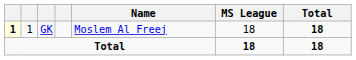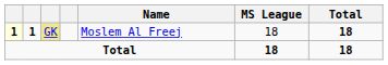 <table class="wikitable" style="text-align:center">
 <tr>
 <th width=15></th>
 <th width=15></th>
 <th width=15></th>
 <th width=15></th>
 <th width=175>Name</th>
 <th width=80>MS League</th>
 <th width=80>Total</th>
 </tr>
 <tr>
 <td style="background: lightyellow;"><strong>1</strong></td>
-<td>1</td>
-<td><a href='#'>GK</a></td>
+<td><strong>1</strong></td>
+<td style="background: khaki;"><a href='#'>GK</a></td>
 <td></td>
 <td align=left><a href='#'>Moslem Al Freej</a></td>
 <td>18</td>
 <td><strong>18</strong></td>
 </tr>
 <tr>
 <td colspan=5><strong>Total</strong></td>
 <td><strong>18</strong></td>
 <td><strong>18</strong></td>
 </tr>
 </table>
